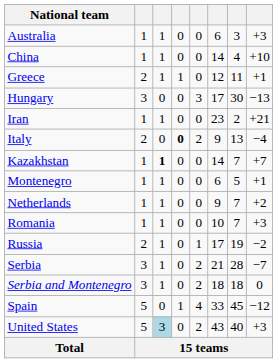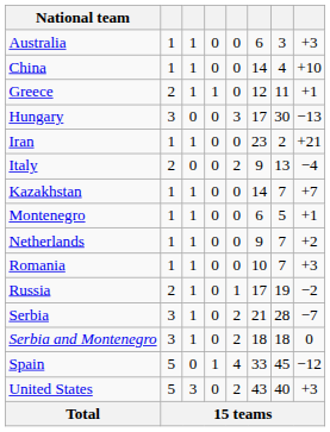 <table class="wikitable" style="text-align: center;">
 <tr>
 <th>National team</th>
 <th width="15"></th>
 <th width="15"></th>
 <th width="15"></th>
 <th width="15"></th>
 <th></th>
 <th></th>
 <th></th>
 </tr>
 <tr>
 <td align="left"> <a href='#'>Australia</a></td>
 <td>1</td>
 <td>1</td>
 <td>0</td>
 <td>0</td>
 <td>6</td>
 <td>3</td>
 <td>+3</td>
 </tr>
 <tr>
 <td align="left"> <a href='#'>China</a></td>
 <td>1</td>
 <td>1</td>
 <td>0</td>
 <td>0</td>
 <td>14</td>
 <td>4</td>
 <td>+10</td>
 </tr>
 <tr>
 <td align="left"> <a href='#'>Greece</a></td>
 <td>2</td>
 <td>1</td>
 <td>1</td>
 <td>0</td>
 <td>12</td>
 <td>11</td>
 <td>+1</td>
 </tr>
 <tr>
 <td align="left"> <a href='#'>Hungary</a></td>
 <td>3</td>
 <td>0</td>
 <td>0</td>
 <td>3</td>
 <td>17</td>
 <td>30</td>
 <td>−13</td>
 </tr>
 <tr>
 <td align="left"> <a href='#'>Iran</a></td>
 <td>1</td>
 <td>1</td>
 <td>0</td>
 <td>0</td>
 <td>23</td>
 <td>2</td>
 <td>+21</td>
 </tr>
 <tr>
 <td align="left"> <a href='#'>Italy</a></td>
 <td>2</td>
 <td>0</td>
-<td><strong>0</strong></td>
+<td>0</td>
 <td>2</td>
 <td>9</td>
 <td>13</td>
 <td>−4</td>
 </tr>
 <tr>
 <td align="left"> <a href='#'>Kazakhstan</a></td>
 <td>1</td>
-<td><strong>1</strong></td>
+<td>1</td>
 <td>0</td>
 <td>0</td>
 <td>14</td>
 <td>7</td>
 <td>+7</td>
 </tr>
 <tr>
 <td align="left"> <a href='#'>Montenegro</a></td>
 <td>1</td>
 <td>1</td>
 <td>0</td>
 <td>0</td>
 <td>6</td>
 <td>5</td>
 <td>+1</td>
 </tr>
 <tr>
 <td align="left"> <a href='#'>Netherlands</a></td>
 <td>1</td>
 <td>1</td>
 <td>0</td>
 <td>0</td>
 <td>9</td>
 <td>7</td>
 <td>+2</td>
 </tr>
 <tr>
 <td align="left"> <a href='#'>Romania</a></td>
 <td>1</td>
 <td>1</td>
 <td>0</td>
 <td>0</td>
 <td>10</td>
 <td>7</td>
 <td>+3</td>
 </tr>
 <tr>
 <td align="left"> <a href='#'>Russia</a></td>
 <td>2</td>
 <td>1</td>
 <td>0</td>
 <td>1</td>
 <td>17</td>
 <td>19</td>
 <td>−2</td>
 </tr>
 <tr>
 <td align="left"> <a href='#'>Serbia</a></td>
 <td>3</td>
 <td>1</td>
 <td>0</td>
 <td>2</td>
 <td>21</td>
 <td>28</td>
 <td>−7</td>
 </tr>
 <tr>
 <td align="left"> <em><a href='#'>Serbia and Montenegro</a></em></td>
 <td>3</td>
 <td>1</td>
 <td>0</td>
 <td>2</td>
 <td>18</td>
 <td>18</td>
 <td>0</td>
 </tr>
 <tr>
 <td align="left"> <a href='#'>Spain</a></td>
 <td>5</td>
 <td>0</td>
 <td>1</td>
 <td>4</td>
 <td>33</td>
 <td>45</td>
 <td>−12</td>
 </tr>
 <tr>
 <td align="left"> <a href='#'>United States</a></td>
 <td>5</td>
-<td style="background: lightblue;">3</td>
+<td>3</td>
 <td>0</td>
 <td>2</td>
 <td>43</td>
 <td>40</td>
 <td>+3</td>
 </tr>
 <tr>
 <th>Total</th>
 <th colspan="7">15 teams</th>
 </tr>
 </table>
